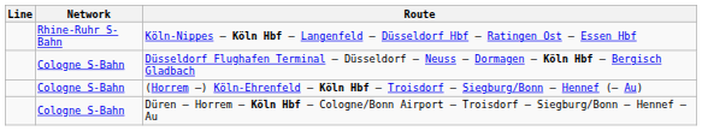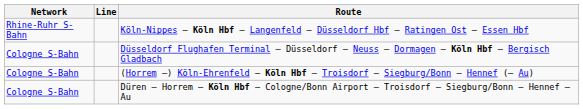 <table class="wikitable">
 <tr class="hintergrundfarbe5">
+<th>Network</th>
 <th>Line</th>
-<th>Network</th>
 <th>Route</th>
 </tr>
 <tr>
+<td><a href='#'>Rhine-Ruhr S-Bahn</a></td>
 <td></td>
-<td><a href='#'>Rhine-Ruhr S-Bahn</a></td>
 <td><a href='#'>Köln-Nippes</a> – <strong>Köln Hbf</strong> – <a href='#'>Langenfeld</a> – <a href='#'>Düsseldorf Hbf</a> – <a href='#'>Ratingen Ost</a> – <a href='#'>Essen Hbf</a></td>
 </tr>
 <tr>
+<td><a href='#'>Cologne S-Bahn</a></td>
 <td></td>
-<td><a href='#'>Cologne S-Bahn</a></td>
 <td><a href='#'>Düsseldorf Flughafen Terminal</a> – Düsseldorf – <a href='#'>Neuss</a> – <a href='#'>Dormagen</a> – <strong>Köln Hbf</strong> – <a href='#'>Bergisch Gladbach</a></td>
 </tr>
 <tr>
+<td><a href='#'>Cologne S-Bahn</a></td>
 <td></td>
-<td><a href='#'>Cologne S-Bahn</a></td>
 <td>(<a href='#'>Horrem</a> –) <a href='#'>Köln-Ehrenfeld</a> – <strong>Köln Hbf</strong> – <a href='#'>Troisdorf</a> – <a href='#'>Siegburg/Bonn</a> – <a href='#'>Hennef</a> (– <a href='#'>Au</a>)</td>
 </tr>
 <tr>
+<td><a href='#'>Cologne S-Bahn</a></td>
 <td></td>
-<td><a href='#'>Cologne S-Bahn</a></td>
 <td>Düren – Horrem – <strong>Köln Hbf</strong> – Cologne/Bonn Airport – Troisdorf – Siegburg/Bonn – Hennef – Au</td>
 </tr>
 </table>
